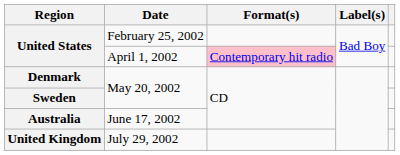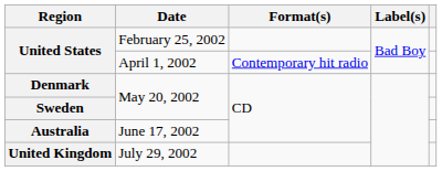 <table class="wikitable plainrowheaders">
 <tr>
 <th scope="col">Region</th>
 <th scope="col">Date</th>
 <th scope="col">Format(s)</th>
 <th scope="col">Label(s)</th>
 <th scope="col"></th>
 </tr>
 <tr>
 <th scope="row" rowspan="2">United States</th>
 <td>February 25, 2002</td>
 <td></td>
 <td rowspan="2"><a href='#'>Bad Boy</a></td>
 <td></td>
 </tr>
 <tr>
 <td>April 1, 2002</td>
-<td style="background: pink;"><a href='#'>Contemporary hit radio</a></td>
+<td><a href='#'>Contemporary hit radio</a></td>
 <td></td>
 </tr>
 <tr>
 <th scope="row">Denmark</th>
 <td rowspan="2">May 20, 2002</td>
 <td rowspan="3">CD</td>
 <td rowspan="4"></td>
 <td></td>
 </tr>
 <tr>
 <th scope="row">Sweden</th>
 <td></td>
 </tr>
 <tr>
 <th scope="row">Australia</th>
 <td>June 17, 2002</td>
 <td></td>
 </tr>
 <tr>
 <th scope="row">United Kingdom</th>
 <td>July 29, 2002</td>
 <td></td>
 <td></td>
 </tr>
 </table>
